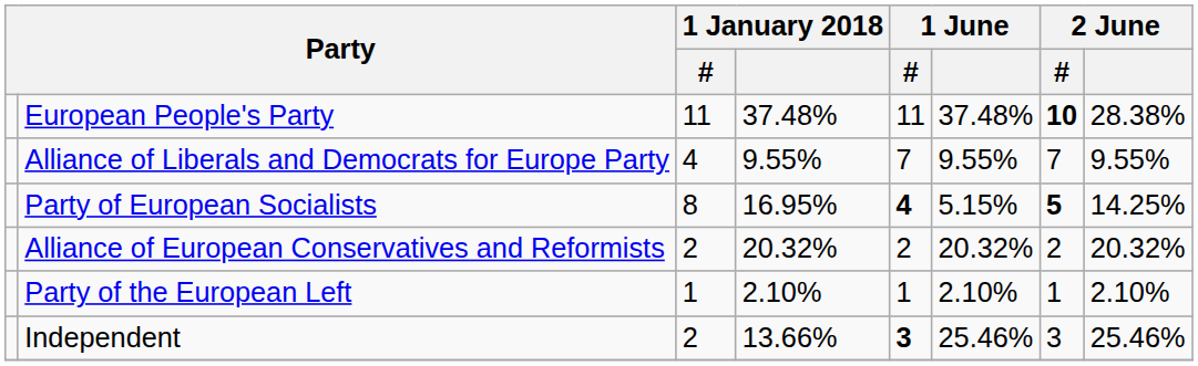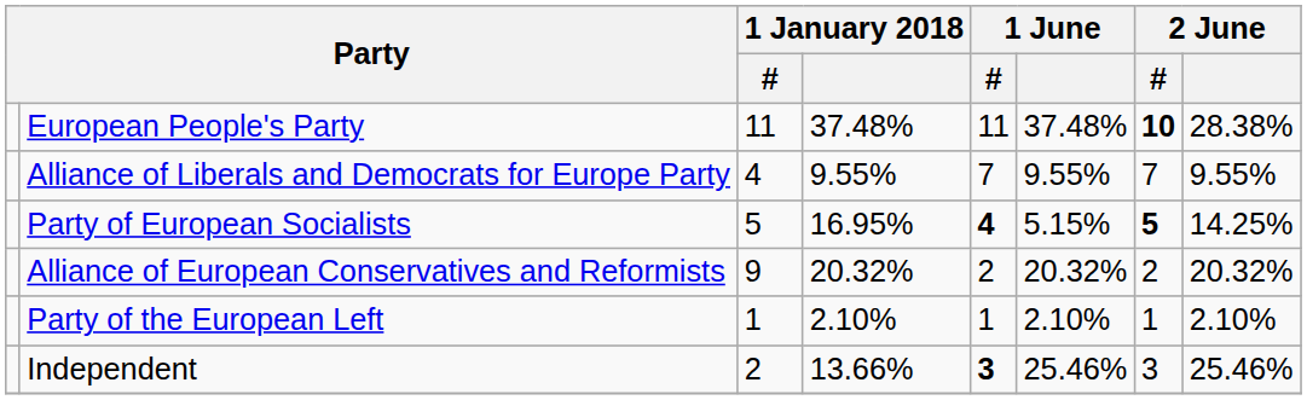 <table class="wikitable">
 <tr>
 <th rowspan=2 colspan=2>Party</th>
 <th colspan=2>1 January 2018</th>
 <th colspan=2>1 June</th>
 <th colspan=2>2 June</th>
 </tr>
 <tr>
 <th>#</th>
 <th></th>
 <th>#</th>
 <th></th>
 <th>#</th>
 <th></th>
 </tr>
 <tr>
 <td style="background-color:"></td>
 <td><a href='#'>European People's Party</a></td>
 <td>11</td>
 <td>37.48%</td>
 <td>11</td>
 <td>37.48%</td>
 <td><strong>10</strong></td>
 <td>28.38%</td>
 </tr>
 <tr>
 <td style="background-color:"></td>
 <td><a href='#'>Alliance of Liberals and Democrats for Europe Party</a></td>
 <td>4</td>
 <td>9.55%</td>
 <td>7</td>
 <td>9.55%</td>
 <td>7</td>
 <td>9.55%</td>
 </tr>
 <tr>
 <td style="background-color:"></td>
 <td><a href='#'>Party of European Socialists</a></td>
-<td>8</td>
+<td>5</td>
 <td>16.95%</td>
 <td><strong>4</strong></td>
 <td>5.15%</td>
 <td><strong>5</strong></td>
 <td>14.25%</td>
 </tr>
 <tr>
 <td style="background-color:"></td>
 <td><a href='#'>Alliance of European Conservatives and Reformists</a></td>
-<td>2</td>
+<td>9</td>
 <td>20.32%</td>
 <td>2</td>
 <td>20.32%</td>
 <td>2</td>
 <td>20.32%</td>
 </tr>
 <tr>
 <td style="background-color:"></td>
 <td><a href='#'>Party of the European Left</a></td>
 <td>1</td>
 <td>2.10%</td>
 <td>1</td>
 <td>2.10%</td>
 <td>1</td>
 <td>2.10%</td>
 </tr>
 <tr>
 <td style="background-color:"></td>
 <td>Independent</td>
 <td>2</td>
 <td>13.66%</td>
 <td><strong>3</strong></td>
 <td>25.46%</td>
 <td>3</td>
 <td>25.46%</td>
 </tr>
 <tr>
 </tr>
 </table>
